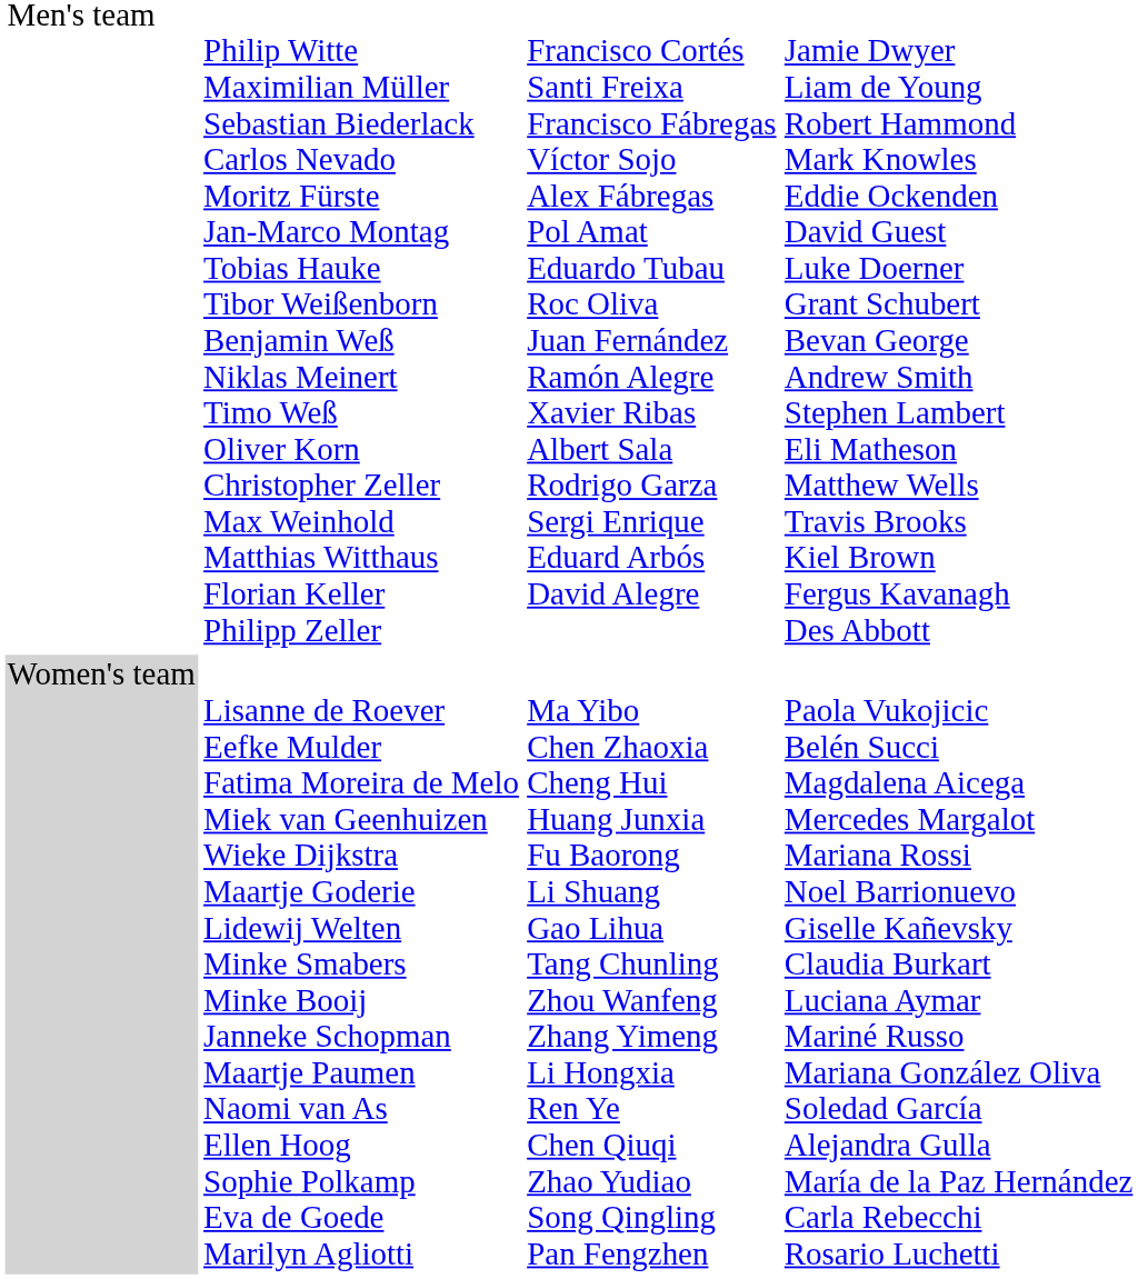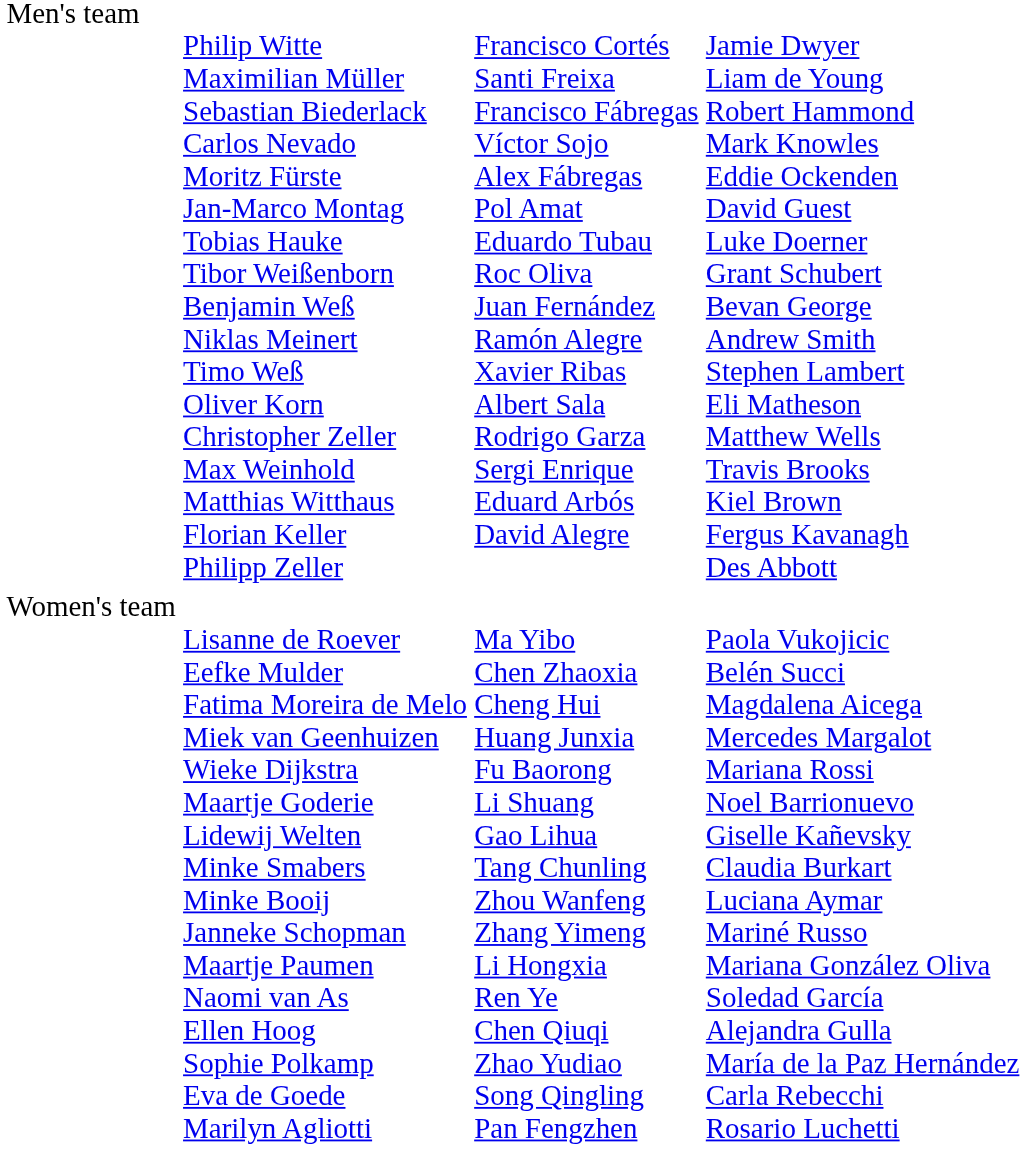 <table>
 <tr valign="top">
 <td>Men's team<br></td>
 <td><br><a href='#'>Philip Witte</a><br><a href='#'>Maximilian Müller</a><br><a href='#'>Sebastian Biederlack</a><br><a href='#'>Carlos Nevado</a><br><a href='#'>Moritz Fürste</a><br><a href='#'>Jan-Marco Montag</a><br><a href='#'>Tobias Hauke</a><br><a href='#'>Tibor Weißenborn</a><br><a href='#'>Benjamin Weß</a><br><a href='#'>Niklas Meinert</a><br><a href='#'>Timo Weß</a><br><a href='#'>Oliver Korn</a><br><a href='#'>Christopher Zeller</a><br><a href='#'>Max Weinhold</a><br><a href='#'>Matthias Witthaus</a><br><a href='#'>Florian Keller</a><br><a href='#'>Philipp Zeller</a></td>
 <td><br><a href='#'>Francisco Cortés</a><br><a href='#'>Santi Freixa</a><br><a href='#'>Francisco Fábregas</a><br><a href='#'>Víctor Sojo</a><br><a href='#'>Alex Fábregas</a><br><a href='#'>Pol Amat</a><br><a href='#'>Eduardo Tubau</a><br><a href='#'>Roc Oliva</a><br><a href='#'>Juan Fernández</a><br><a href='#'>Ramón Alegre</a><br><a href='#'>Xavier Ribas</a><br><a href='#'>Albert Sala</a><br><a href='#'>Rodrigo Garza</a><br><a href='#'>Sergi Enrique</a><br><a href='#'>Eduard Arbós</a><br><a href='#'>David Alegre</a></td>
 <td><br><a href='#'>Jamie Dwyer</a><br><a href='#'>Liam de Young</a><br><a href='#'>Robert Hammond</a><br><a href='#'>Mark Knowles</a><br><a href='#'>Eddie Ockenden</a><br><a href='#'>David Guest</a><br><a href='#'>Luke Doerner</a><br><a href='#'>Grant Schubert</a><br><a href='#'>Bevan George</a><br><a href='#'>Andrew Smith</a><br><a href='#'>Stephen Lambert</a><br><a href='#'>Eli Matheson</a><br><a href='#'>Matthew Wells</a><br><a href='#'>Travis Brooks</a><br><a href='#'>Kiel Brown</a><br><a href='#'>Fergus Kavanagh</a><br><a href='#'>Des Abbott</a></td>
 </tr>
 <tr valign="top">
-<td style="background: lightgrey;">Women's team<br></td>
+<td>Women's team<br></td>
 <td><br><a href='#'>Lisanne de Roever</a><br><a href='#'>Eefke Mulder</a><br><a href='#'>Fatima Moreira de Melo</a><br> <a href='#'>Miek van Geenhuizen</a><br><a href='#'>Wieke Dijkstra</a><br><a href='#'>Maartje Goderie</a><br><a href='#'>Lidewij Welten</a><br><a href='#'>Minke Smabers</a><br><a href='#'>Minke Booij</a><br><a href='#'>Janneke Schopman</a><br><a href='#'>Maartje Paumen</a><br><a href='#'>Naomi van As</a><br><a href='#'>Ellen Hoog</a><br><a href='#'>Sophie Polkamp</a><br><a href='#'>Eva de Goede</a><br><a href='#'>Marilyn Agliotti</a></td>
 <td><br><a href='#'>Ma Yibo</a><br><a href='#'>Chen Zhaoxia</a><br><a href='#'>Cheng Hui</a><br><a href='#'>Huang Junxia</a><br><a href='#'>Fu Baorong</a><br><a href='#'>Li Shuang</a><br><a href='#'>Gao Lihua</a><br><a href='#'>Tang Chunling</a><br><a href='#'>Zhou Wanfeng</a><br><a href='#'>Zhang Yimeng</a><br><a href='#'>Li Hongxia</a><br><a href='#'>Ren Ye</a><br><a href='#'>Chen Qiuqi</a><br><a href='#'>Zhao Yudiao</a><br><a href='#'>Song Qingling</a><br><a href='#'>Pan Fengzhen</a></td>
 <td><br><a href='#'>Paola Vukojicic</a><br><a href='#'>Belén Succi</a><br><a href='#'>Magdalena Aicega</a><br><a href='#'>Mercedes Margalot</a><br><a href='#'>Mariana Rossi</a><br><a href='#'>Noel Barrionuevo</a><br><a href='#'>Giselle Kañevsky</a><br><a href='#'>Claudia Burkart</a><br><a href='#'>Luciana Aymar</a><br><a href='#'>Mariné Russo</a><br><a href='#'>Mariana González Oliva</a><br><a href='#'>Soledad García</a><br><a href='#'>Alejandra Gulla</a><br><a href='#'>María de la Paz Hernández</a><br><a href='#'>Carla Rebecchi</a><br><a href='#'>Rosario Luchetti</a></td>
 </tr>
 </table>
